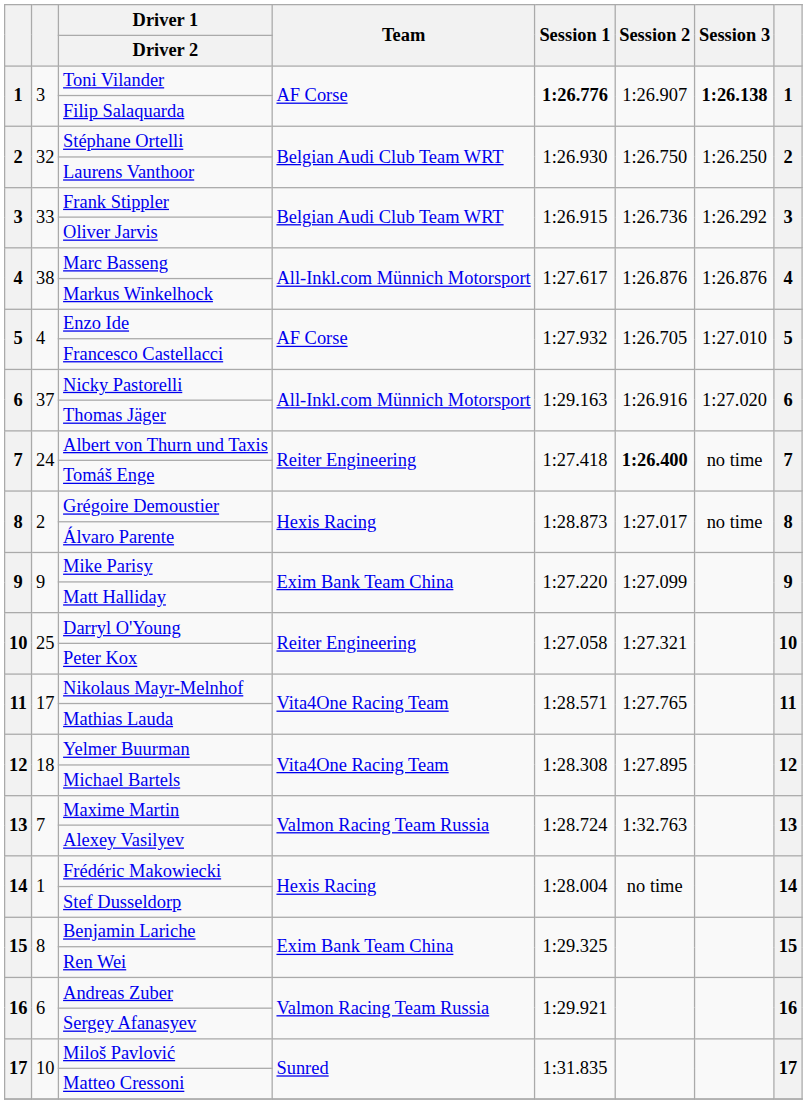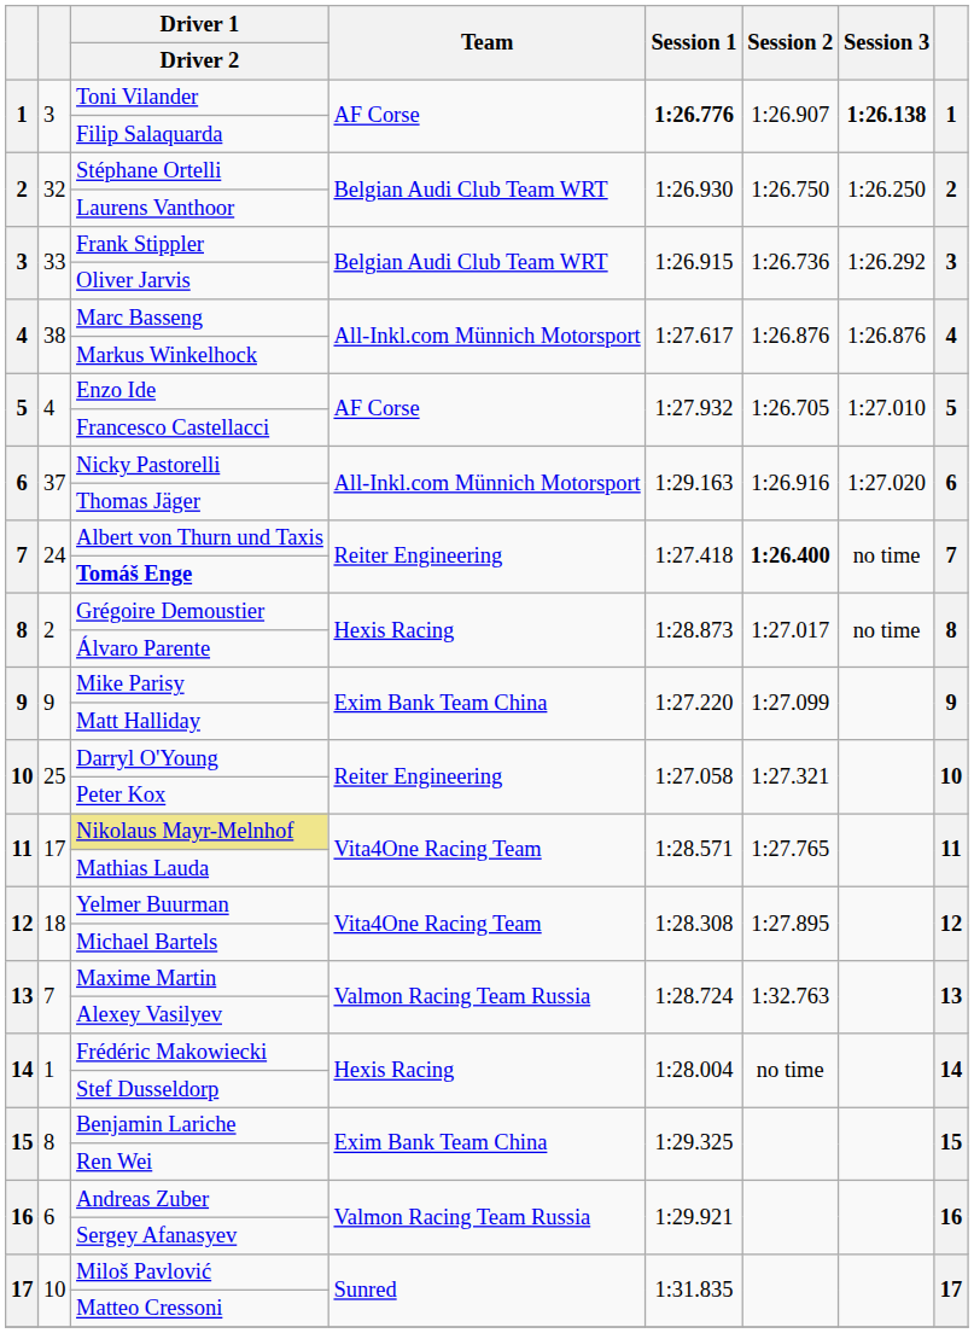 <table class="wikitable" style="font-size: 90%;">
 <tr>
 <th rowspan=2></th>
 <th rowspan=2></th>
 <th>Driver 1</th>
 <th rowspan=2>Team</th>
 <th rowspan=2>Session 1</th>
 <th rowspan=2>Session 2</th>
 <th rowspan=2>Session 3</th>
 <th rowspan=2></th>
 </tr>
 <tr>
 <th>Driver 2</th>
 </tr>
 <tr>
 <th rowspan=2>1</th>
 <td rowspan=2>3</td>
 <td> <a href='#'>Toni Vilander</a></td>
 <td rowspan=2> <a href='#'>AF Corse</a></td>
 <td rowspan=2 align="center"><strong>1:26.776</strong></td>
 <td rowspan=2 align="center">1:26.907</td>
 <td rowspan=2 align="center"><strong>1:26.138</strong></td>
 <th rowspan=2>1</th>
 </tr>
 <tr>
 <td> <a href='#'>Filip Salaquarda</a></td>
 </tr>
 <tr>
 <th rowspan=2>2</th>
 <td rowspan=2>32</td>
 <td> <a href='#'>Stéphane Ortelli</a></td>
 <td rowspan=2> <a href='#'>Belgian Audi Club Team WRT</a></td>
 <td rowspan=2 align="center">1:26.930</td>
 <td rowspan=2 align="center">1:26.750</td>
 <td rowspan=2 align="center">1:26.250</td>
 <th rowspan=2>2</th>
 </tr>
 <tr>
 <td> <a href='#'>Laurens Vanthoor</a></td>
 </tr>
 <tr>
 <th rowspan=2>3</th>
 <td rowspan=2>33</td>
 <td> <a href='#'>Frank Stippler</a></td>
 <td rowspan=2> <a href='#'>Belgian Audi Club Team WRT</a></td>
 <td rowspan=2 align="center">1:26.915</td>
 <td rowspan=2 align="center">1:26.736</td>
 <td rowspan=2 align="center">1:26.292</td>
 <th rowspan=2>3</th>
 </tr>
 <tr>
 <td> <a href='#'>Oliver Jarvis</a></td>
 </tr>
 <tr>
 <th rowspan=2>4</th>
 <td rowspan=2>38</td>
 <td> <a href='#'>Marc Basseng</a></td>
 <td rowspan=2> <a href='#'>All-Inkl.com Münnich Motorsport</a></td>
 <td rowspan=2 align="center">1:27.617</td>
 <td rowspan=2 align="center">1:26.876</td>
 <td rowspan=2 align="center">1:26.876</td>
 <th rowspan=2>4</th>
 </tr>
 <tr>
 <td> <a href='#'>Markus Winkelhock</a></td>
 </tr>
 <tr>
 <th rowspan=2>5</th>
 <td rowspan=2>4</td>
 <td> <a href='#'>Enzo Ide</a></td>
 <td rowspan=2> <a href='#'>AF Corse</a></td>
 <td rowspan=2 align="center">1:27.932</td>
 <td rowspan=2 align="center">1:26.705</td>
 <td rowspan=2 align="center">1:27.010</td>
 <th rowspan=2>5</th>
 </tr>
 <tr>
 <td> <a href='#'>Francesco Castellacci</a></td>
 </tr>
 <tr>
 <th rowspan=2>6</th>
 <td rowspan=2>37</td>
 <td> <a href='#'>Nicky Pastorelli</a></td>
 <td rowspan=2> <a href='#'>All-Inkl.com Münnich Motorsport</a></td>
 <td rowspan=2 align="center">1:29.163</td>
 <td rowspan=2 align="center">1:26.916</td>
 <td rowspan=2 align="center">1:27.020</td>
 <th rowspan=2>6</th>
 </tr>
 <tr>
 <td> <a href='#'>Thomas Jäger</a></td>
 </tr>
 <tr>
 <th rowspan=2>7</th>
 <td rowspan=2>24</td>
 <td> <a href='#'>Albert von Thurn und Taxis</a></td>
 <td rowspan=2> <a href='#'>Reiter Engineering</a></td>
 <td rowspan=2 align="center">1:27.418</td>
 <td rowspan=2 align="center"><strong>1:26.400</strong></td>
 <td rowspan=2 align="center">no time</td>
 <th rowspan=2>7</th>
 </tr>
 <tr>
-<td> <a href='#'>Tomáš Enge</a></td>
+<td><strong> <a href='#'>Tomáš Enge</a></strong></td>
 </tr>
 <tr>
 <th rowspan=2>8</th>
 <td rowspan=2>2</td>
 <td> <a href='#'>Grégoire Demoustier</a></td>
 <td rowspan=2> <a href='#'>Hexis Racing</a></td>
 <td rowspan=2 align="center">1:28.873</td>
 <td rowspan=2 align="center">1:27.017</td>
 <td rowspan=2 align="center">no time</td>
 <th rowspan=2>8</th>
 </tr>
 <tr>
 <td> <a href='#'>Álvaro Parente</a></td>
 </tr>
 <tr>
 <th rowspan=2>9</th>
 <td rowspan=2>9</td>
 <td> <a href='#'>Mike Parisy</a></td>
 <td rowspan=2> <a href='#'>Exim Bank Team China</a></td>
 <td rowspan=2 align="center">1:27.220</td>
 <td rowspan=2 align="center">1:27.099</td>
 <td rowspan=2 align="center"></td>
 <th rowspan=2>9</th>
 </tr>
 <tr>
 <td> <a href='#'>Matt Halliday</a></td>
 </tr>
 <tr>
 <th rowspan=2>10</th>
 <td rowspan=2>25</td>
 <td> <a href='#'>Darryl O'Young</a></td>
 <td rowspan=2> <a href='#'>Reiter Engineering</a></td>
 <td rowspan=2 align="center">1:27.058</td>
 <td rowspan=2 align="center">1:27.321</td>
 <td rowspan=2 align="center"></td>
 <th rowspan=2>10</th>
 </tr>
 <tr>
 <td> <a href='#'>Peter Kox</a></td>
 </tr>
 <tr>
 <th rowspan=2>11</th>
 <td rowspan=2>17</td>
-<td> <a href='#'>Nikolaus Mayr-Melnhof</a></td>
+<td style="background: khaki;"> <a href='#'>Nikolaus Mayr-Melnhof</a></td>
 <td rowspan=2> <a href='#'>Vita4One Racing Team</a></td>
 <td rowspan=2 align="center">1:28.571</td>
 <td rowspan=2 align="center">1:27.765</td>
 <td rowspan=2 align="center"></td>
 <th rowspan=2>11</th>
 </tr>
 <tr>
 <td> <a href='#'>Mathias Lauda</a></td>
 </tr>
 <tr>
 <th rowspan=2>12</th>
 <td rowspan=2>18</td>
 <td> <a href='#'>Yelmer Buurman</a></td>
 <td rowspan=2> <a href='#'>Vita4One Racing Team</a></td>
 <td rowspan=2 align="center">1:28.308</td>
 <td rowspan=2 align="center">1:27.895</td>
 <td rowspan=2 align="center"></td>
 <th rowspan=2>12</th>
 </tr>
 <tr>
 <td> <a href='#'>Michael Bartels</a></td>
 </tr>
 <tr>
 <th rowspan=2>13</th>
 <td rowspan=2>7</td>
 <td> <a href='#'>Maxime Martin</a></td>
 <td rowspan=2> <a href='#'>Valmon Racing Team Russia</a></td>
 <td rowspan=2 align="center">1:28.724</td>
 <td rowspan=2 align="center">1:32.763</td>
 <td rowspan=2 align="center"></td>
 <th rowspan=2>13</th>
 </tr>
 <tr>
 <td> <a href='#'>Alexey Vasilyev</a></td>
 </tr>
 <tr>
 <th rowspan=2>14</th>
 <td rowspan=2>1</td>
 <td> <a href='#'>Frédéric Makowiecki</a></td>
 <td rowspan=2> <a href='#'>Hexis Racing</a></td>
 <td rowspan=2 align="center">1:28.004</td>
 <td rowspan=2 align="center">no time</td>
 <td rowspan=2 align="center"></td>
 <th rowspan=2>14</th>
 </tr>
 <tr>
 <td> <a href='#'>Stef Dusseldorp</a></td>
 </tr>
 <tr>
 <th rowspan=2>15</th>
 <td rowspan=2>8</td>
 <td> <a href='#'>Benjamin Lariche</a></td>
 <td rowspan=2> <a href='#'>Exim Bank Team China</a></td>
 <td rowspan=2 align="center">1:29.325</td>
 <td rowspan=2 align="center"></td>
 <td rowspan=2 align="center"></td>
 <th rowspan=2>15</th>
 </tr>
 <tr>
 <td> <a href='#'>Ren Wei</a></td>
 </tr>
 <tr>
 <th rowspan=2>16</th>
 <td rowspan=2>6</td>
 <td> <a href='#'>Andreas Zuber</a></td>
 <td rowspan=2> <a href='#'>Valmon Racing Team Russia</a></td>
 <td rowspan=2 align="center">1:29.921</td>
 <td rowspan=2 align="center"></td>
 <td rowspan=2 align="center"></td>
 <th rowspan=2>16</th>
 </tr>
 <tr>
 <td> <a href='#'>Sergey Afanasyev</a></td>
 </tr>
 <tr>
 <th rowspan=2>17</th>
 <td rowspan=2>10</td>
 <td> <a href='#'>Miloš Pavlović</a></td>
 <td rowspan=2> <a href='#'>Sunred</a></td>
 <td rowspan=2 align="center">1:31.835</td>
 <td rowspan=2 align="center"></td>
 <td rowspan=2 align="center"></td>
 <th rowspan=2>17</th>
 </tr>
 <tr>
 <td> <a href='#'>Matteo Cressoni</a></td>
 </tr>
 <tr>
 </tr>
 </table>
